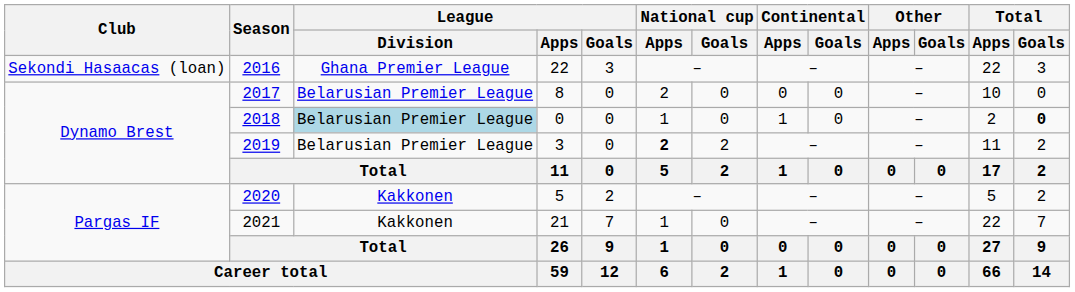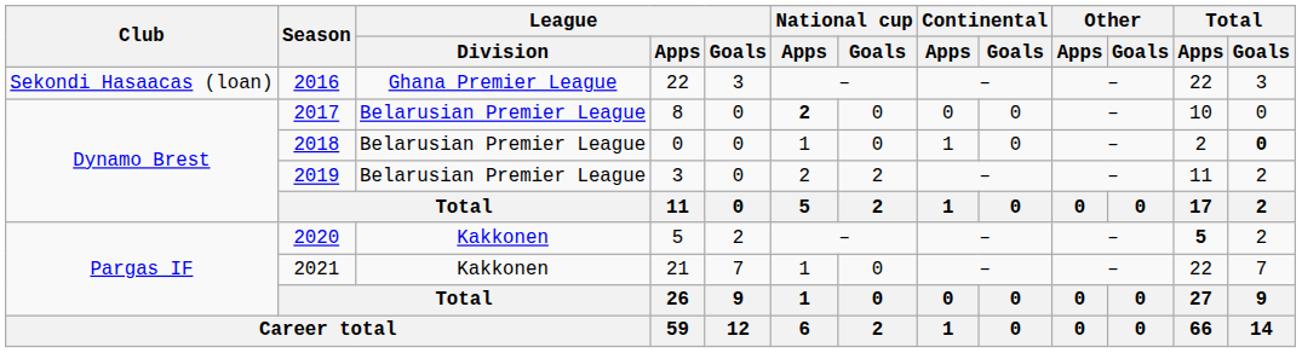 <table class="wikitable" style="text-align:center">
 <tr>
 <th rowspan="2">Club</th>
 <th rowspan="2">Season</th>
 <th colspan="3">League</th>
 <th colspan="2">National cup</th>
 <th colspan="2">Continental</th>
 <th colspan="2">Other</th>
 <th colspan="2">Total</th>
 </tr>
 <tr>
 <th>Division</th>
 <th>Apps</th>
 <th>Goals</th>
 <th>Apps</th>
 <th>Goals</th>
 <th>Apps</th>
 <th>Goals</th>
 <th>Apps</th>
 <th>Goals</th>
 <th>Apps</th>
 <th>Goals</th>
 </tr>
 <tr>
 <td><a href='#'>Sekondi Hasaacas</a> (loan)</td>
 <td><a href='#'>2016</a></td>
 <td><a href='#'>Ghana Premier League</a></td>
 <td>22</td>
 <td>3</td>
 <td colspan=2>–</td>
 <td colspan=2>–</td>
 <td colspan=2>–</td>
 <td>22</td>
 <td>3</td>
 </tr>
 <tr>
 <td rowspan=4><a href='#'>Dynamo Brest</a></td>
 <td><a href='#'>2017</a></td>
 <td><a href='#'>Belarusian Premier League</a></td>
 <td>8</td>
 <td>0</td>
-<td>2</td>
+<td><strong>2</strong></td>
 <td>0</td>
 <td>0</td>
 <td>0</td>
 <td colspan=2>–</td>
 <td>10</td>
 <td>0</td>
 </tr>
 <tr>
 <td><a href='#'>2018</a></td>
-<td style="background: lightblue;">Belarusian Premier League</td>
+<td>Belarusian Premier League</td>
 <td>0</td>
 <td>0</td>
 <td>1</td>
 <td>0</td>
 <td>1</td>
 <td>0</td>
 <td colspan=2>–</td>
 <td>2</td>
 <td><strong>0</strong></td>
 </tr>
 <tr>
 <td><a href='#'>2019</a></td>
 <td>Belarusian Premier League</td>
 <td>3</td>
 <td>0</td>
-<td><strong>2</strong></td>
+<td>2</td>
 <td>2</td>
 <td colspan=2>–</td>
 <td colspan=2>–</td>
 <td>11</td>
 <td>2</td>
 </tr>
 <tr>
 <th colspan=2>Total</th>
 <th>11</th>
 <th>0</th>
 <th>5</th>
 <th>2</th>
 <th>1</th>
 <th>0</th>
 <th>0</th>
 <th>0</th>
 <th>17</th>
 <th>2</th>
 </tr>
 <tr>
 <td rowspan=3><a href='#'>Pargas IF</a></td>
 <td><a href='#'>2020</a></td>
 <td><a href='#'>Kakkonen</a></td>
 <td>5</td>
 <td>2</td>
 <td colspan=2>–</td>
 <td colspan=2>–</td>
 <td colspan=2>–</td>
-<td>5</td>
+<td><strong>5</strong></td>
 <td>2</td>
 </tr>
 <tr>
 <td>2021</td>
 <td>Kakkonen</td>
 <td>21</td>
 <td>7</td>
 <td>1</td>
 <td>0</td>
 <td colspan=2>–</td>
 <td colspan=2>–</td>
 <td>22</td>
 <td>7</td>
 </tr>
 <tr>
 <th colspan=2>Total</th>
 <th>26</th>
 <th>9</th>
 <th>1</th>
 <th>0</th>
 <th>0</th>
 <th>0</th>
 <th>0</th>
 <th>0</th>
 <th>27</th>
 <th>9</th>
 </tr>
 <tr>
 <th colspan="3">Career total</th>
 <th>59</th>
 <th>12</th>
 <th>6</th>
 <th>2</th>
 <th>1</th>
 <th>0</th>
 <th>0</th>
 <th>0</th>
 <th>66</th>
 <th>14</th>
 </tr>
 </table>
